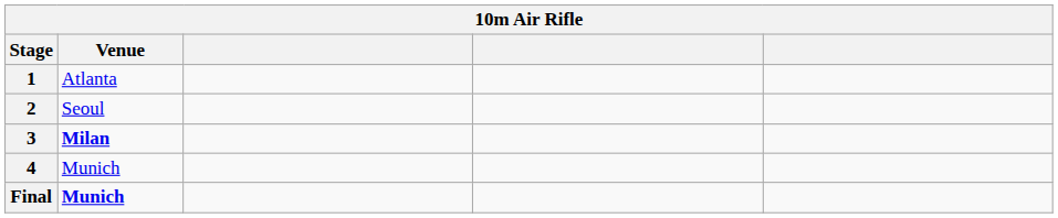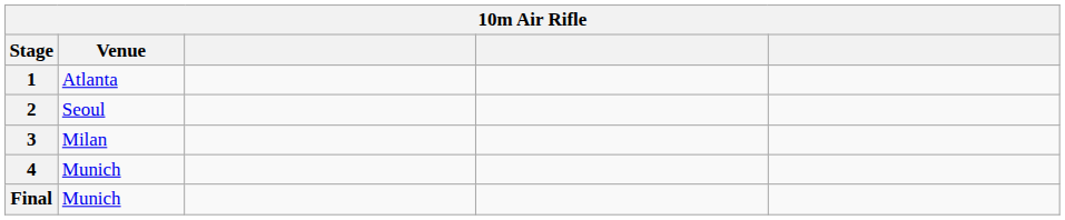 <table class="wikitable">
 <tr>
 <th colspan="5">10m Air Rifle</th>
 </tr>
 <tr>
 <th>Stage</th>
 <th width=100>Venue</th>
 <th width=240></th>
 <th width=240></th>
 <th width=240></th>
 </tr>
 <tr>
 <th>1</th>
 <td> <a href='#'>Atlanta</a></td>
 <td></td>
 <td></td>
 <td></td>
 </tr>
 <tr>
 <th>2</th>
 <td> <a href='#'>Seoul</a></td>
 <td></td>
 <td></td>
 <td></td>
 </tr>
 <tr>
 <th>3</th>
-<td><strong> <a href='#'>Milan</a></strong></td>
+<td> <a href='#'>Milan</a></td>
 <td></td>
 <td></td>
 <td></td>
 </tr>
 <tr>
 <th>4</th>
 <td> <a href='#'>Munich</a></td>
 <td></td>
 <td></td>
 <td></td>
 </tr>
 <tr>
 <th>Final</th>
-<td><strong> <a href='#'>Munich</a></strong></td>
+<td> <a href='#'>Munich</a></td>
 <td></td>
 <td></td>
 <td></td>
 </tr>
 </table>
